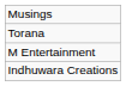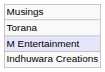 <table class="wikitable">
 <tr>
 <td>Musings</td>
 </tr>
 <tr>
 <td>Torana</td>
 </tr>
 <tr>
-<td>M Entertainment</td>
+<td style="background: lavender;">M Entertainment</td>
 </tr>
 <tr>
 <td>Indhuwara Creations</td>
 </tr>
 </table>
